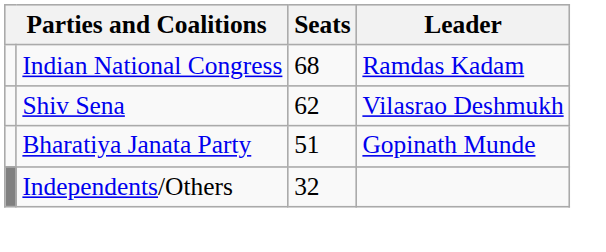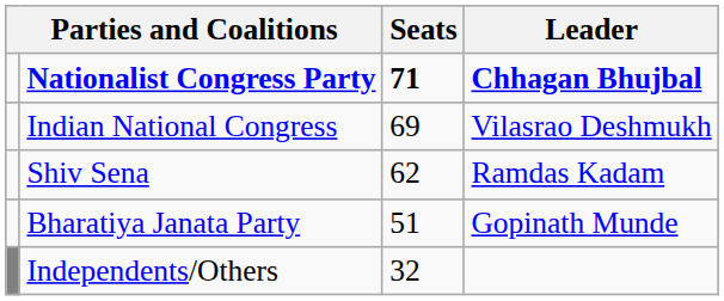 <table class="wikitable sortable">
 <tr>
 <th colspan="2" width="150">Parties and Coalitions</th>
 <th>Seats</th>
 <th>Leader</th>
 </tr>
 <tr>
 <td style="background-color: "></td>
+<td><strong><a href='#'>Nationalist Congress Party</a></strong></td>
+<td><strong>71</strong></td>
+<td><strong><a href='#'>Chhagan Bhujbal</a></strong></td>
+</tr>
+<tr>
+<td style="background-color: "></td>
 <td><a href='#'>Indian National Congress</a></td>
-<td>68</td>
-<td><a href='#'>Ramdas Kadam</a></td>
+<td>69</td>
+<td><a href='#'>Vilasrao Deshmukh</a></td>
 </tr>
 <tr>
 <td style="background-color: "></td>
 <td><a href='#'>Shiv Sena</a></td>
 <td>62</td>
-<td><a href='#'>Vilasrao Deshmukh</a></td>
+<td><a href='#'>Ramdas Kadam</a></td>
 </tr>
 <tr>
 <td style="background-color:"></td>
 <td><a href='#'>Bharatiya Janata Party</a></td>
 <td>51</td>
 <td><a href='#'>Gopinath Munde</a></td>
 </tr>
 <tr>
 <td style="background-color:grey"></td>
 <td><a href='#'>Independents</a>/Others</td>
 <td>32</td>
 <td></td>
 </tr>
 </table>
